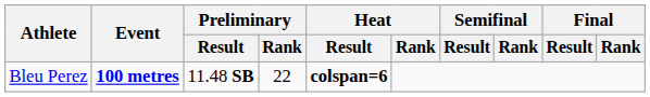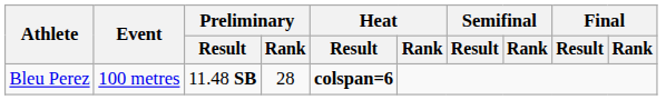 <table class="wikitable" style="font-size:90%">
 <tr>
 <th rowspan="2">Athlete</th>
 <th rowspan="2">Event</th>
 <th colspan="2">Preliminary</th>
 <th colspan="2">Heat</th>
 <th colspan="2">Semifinal</th>
 <th colspan="2">Final</th>
 </tr>
 <tr style="font-size:95%">
 <th>Result</th>
 <th>Rank</th>
 <th>Result</th>
 <th>Rank</th>
 <th>Result</th>
 <th>Rank</th>
 <th>Result</th>
 <th>Rank</th>
 </tr>
 <tr style=text-align:center>
 <td style=text-align:left><a href='#'>Bleu Perez</a></td>
-<td style=text-align:left><strong><a href='#'>100 metres</a></strong></td>
+<td style=text-align:left><a href='#'>100 metres</a></td>
 <td>11.48 <strong>SB</strong></td>
-<td>22</td>
+<td>28</td>
 <td><strong>colspan=6 </strong></td>
 </tr>
 </table>
